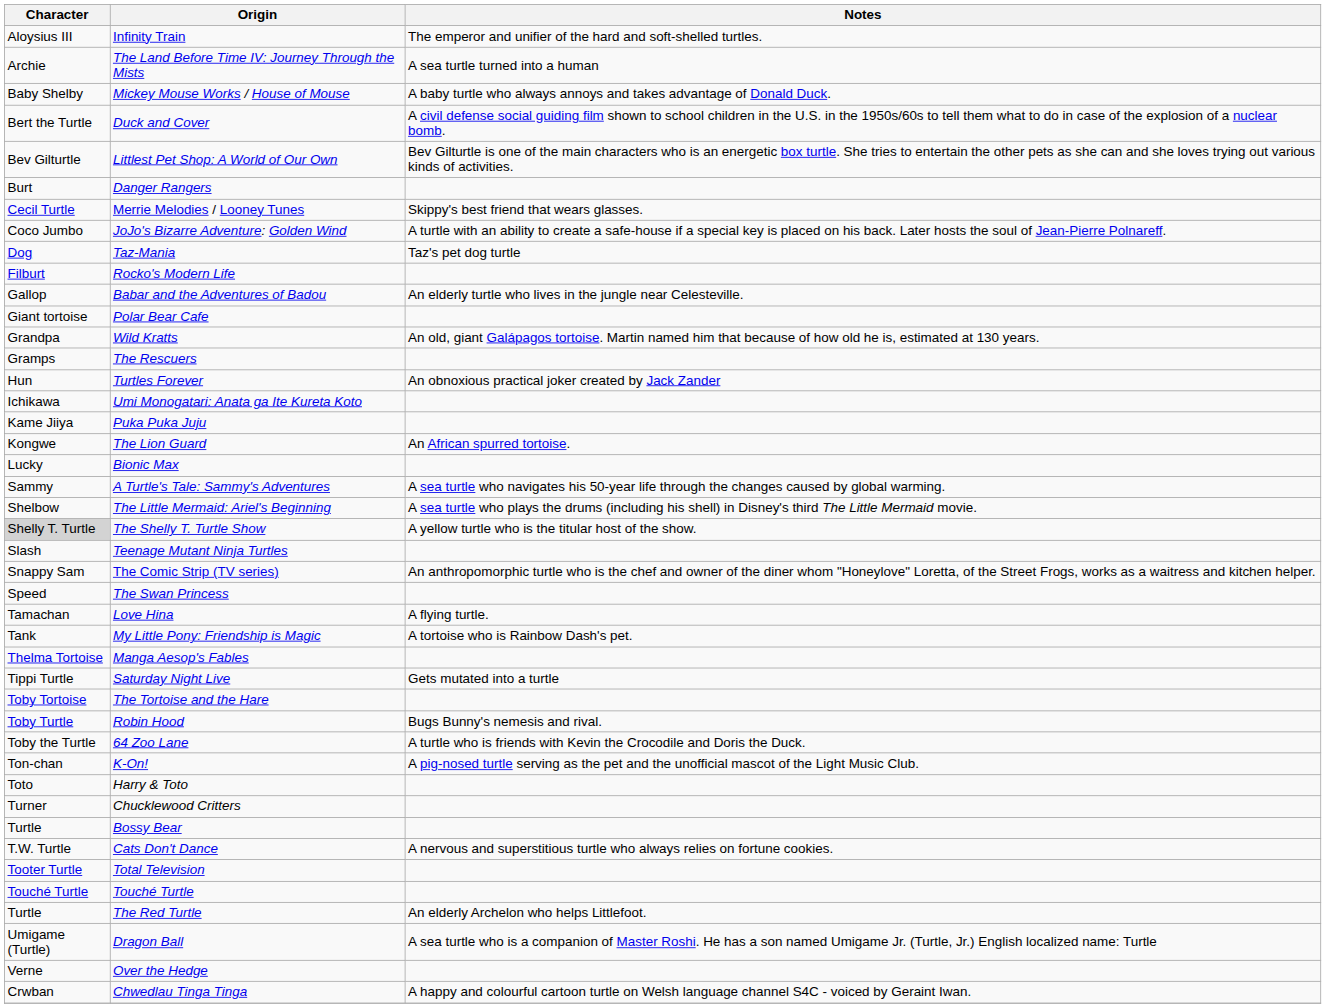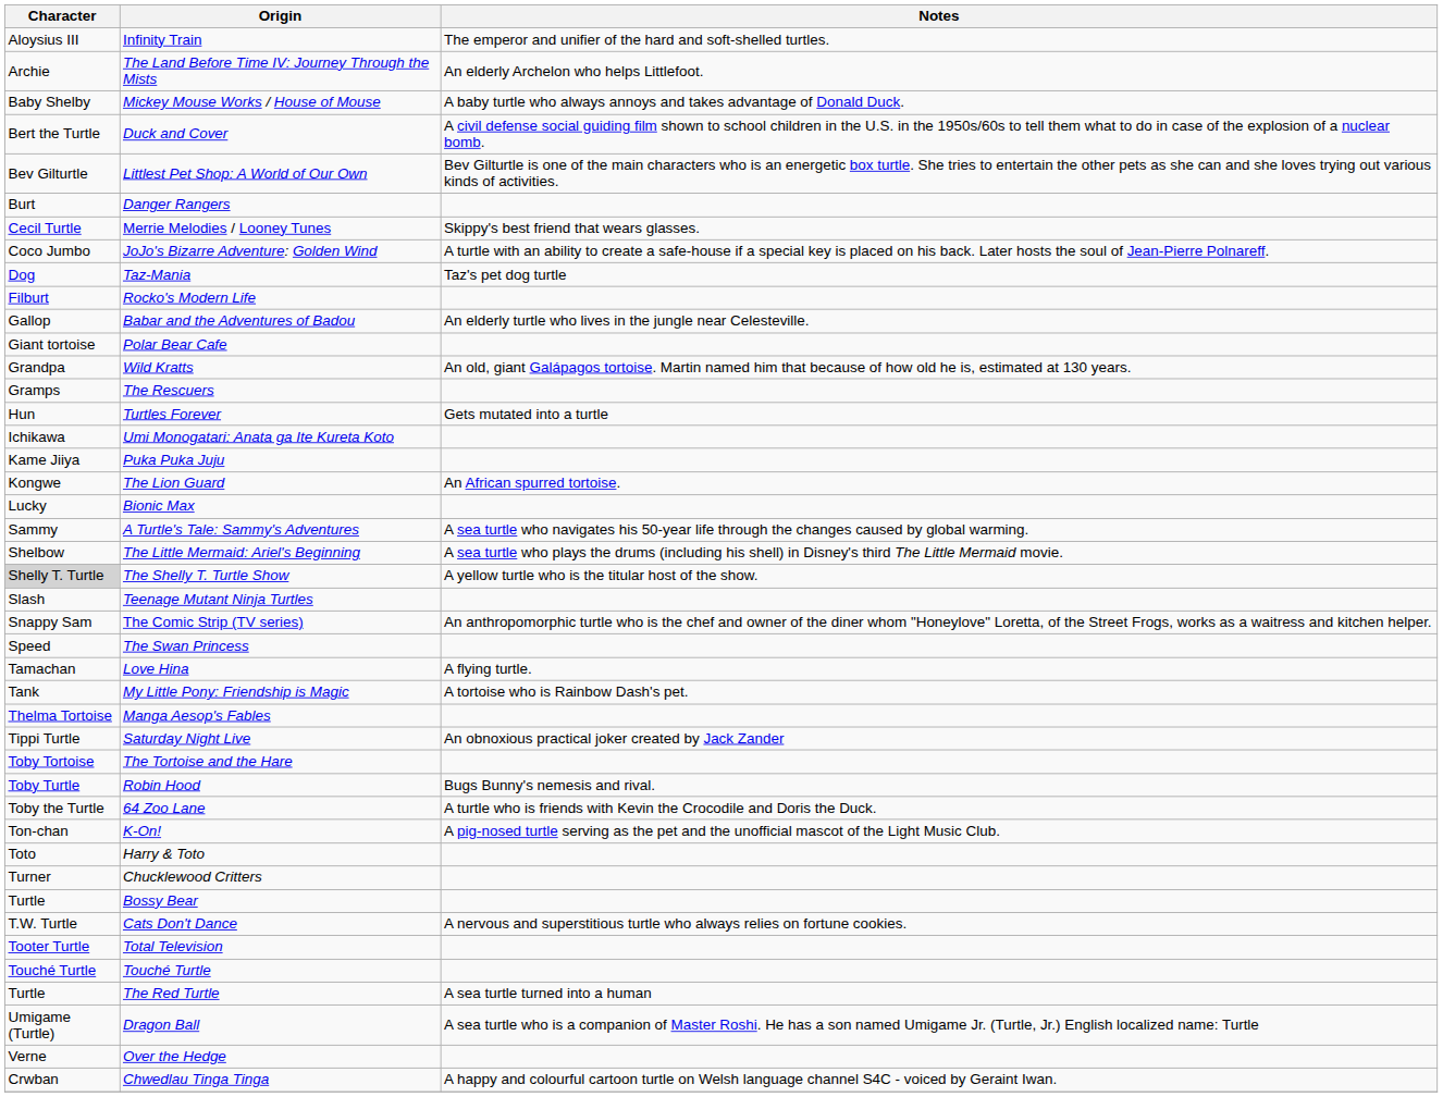 <table class="wikitable sortable">
 <tr>
 <th>Character</th>
 <th>Origin</th>
 <th>Notes</th>
 </tr>
 <tr>
 <td>Aloysius III</td>
 <td><a href='#'>Infinity Train</a></td>
 <td>The emperor and unifier of the hard and soft-shelled turtles.</td>
 </tr>
 <tr>
 <td>Archie</td>
 <td><em><a href='#'>The Land Before Time IV: Journey Through the Mists</a></em></td>
-<td>A sea turtle turned into a human</td>
+<td>An elderly Archelon who helps Littlefoot.</td>
 </tr>
 <tr>
 <td>Baby Shelby</td>
 <td><em><a href='#'>Mickey Mouse Works</a> / <a href='#'>House of Mouse</a></em></td>
 <td>A baby turtle who always annoys and takes advantage of <a href='#'>Donald Duck</a>.</td>
 </tr>
 <tr>
 <td>Bert the Turtle</td>
 <td><em><a href='#'>Duck and Cover</a></em></td>
 <td>A <a href='#'>civil defense social guiding film</a> shown to school children in the U.S. in the 1950s/60s to tell them what to do in case of the explosion of a <a href='#'>nuclear bomb</a>.</td>
 </tr>
 <tr>
 <td>Bev Gilturtle</td>
 <td><em><a href='#'>Littlest Pet Shop: A World of Our Own</a></em></td>
 <td>Bev Gilturtle is one of the main characters who is an energetic <a href='#'>box turtle</a>. She tries to entertain the other pets as she can and she loves trying out various kinds of activities.</td>
 </tr>
 <tr>
 <td>Burt</td>
 <td><em><a href='#'>Danger Rangers</a></em></td>
 <td></td>
 </tr>
 <tr>
 <td><a href='#'>Cecil Turtle</a></td>
 <td><a href='#'>Merrie Melodies</a> / <a href='#'>Looney Tunes</a></td>
 <td>Skippy's best friend that wears glasses.</td>
 </tr>
 <tr>
 <td>Coco Jumbo</td>
 <td><em><a href='#'>JoJo's Bizarre Adventure</a>: <a href='#'>Golden Wind</a></em></td>
 <td>A turtle with an ability to create a safe-house if a special key is placed on his back. Later hosts the soul of <a href='#'>Jean-Pierre Polnareff</a>.</td>
 </tr>
 <tr>
 <td><a href='#'>Dog</a></td>
 <td><em><a href='#'>Taz-Mania</a></em></td>
 <td>Taz's pet dog turtle</td>
 </tr>
 <tr>
 <td><a href='#'>Filburt</a></td>
 <td><em><a href='#'>Rocko's Modern Life</a></em></td>
 <td></td>
 </tr>
 <tr>
 <td>Gallop</td>
 <td><em><a href='#'>Babar and the Adventures of Badou</a></em></td>
 <td>An elderly turtle who lives in the jungle near Celesteville.</td>
 </tr>
 <tr>
 <td>Giant tortoise</td>
 <td><em><a href='#'>Polar Bear Cafe</a></em></td>
 <td></td>
 </tr>
 <tr>
 <td>Grandpa</td>
 <td><em><a href='#'>Wild Kratts</a></em></td>
 <td>An old, giant <a href='#'>Galápagos tortoise</a>. Martin named him that because of how old he is, estimated at 130 years.</td>
 </tr>
 <tr>
 <td>Gramps</td>
 <td><em><a href='#'>The Rescuers</a></em></td>
 <td></td>
 </tr>
 <tr>
 <td>Hun</td>
 <td><em><a href='#'>Turtles Forever</a></em></td>
-<td>An obnoxious practical joker created by <a href='#'>Jack Zander</a></td>
+<td>Gets mutated into a turtle</td>
 </tr>
 <tr>
 <td>Ichikawa</td>
 <td><em><a href='#'>Umi Monogatari: Anata ga Ite Kureta Koto</a></em></td>
 <td></td>
 </tr>
 <tr>
 <td>Kame Jiiya</td>
 <td><em><a href='#'>Puka Puka Juju</a></em></td>
 <td></td>
 </tr>
 <tr>
 <td>Kongwe</td>
 <td><em><a href='#'>The Lion Guard</a></em></td>
 <td>An <a href='#'>African spurred tortoise</a>.</td>
 </tr>
 <tr>
 <td>Lucky</td>
 <td><em><a href='#'>Bionic Max</a></em></td>
 <td></td>
 </tr>
 <tr>
 <td>Sammy</td>
 <td><em><a href='#'>A Turtle's Tale: Sammy's Adventures</a></em></td>
 <td>A <a href='#'>sea turtle</a> who navigates his 50-year life through the changes caused by global warming.</td>
 </tr>
 <tr>
 <td>Shelbow</td>
 <td><em><a href='#'>The Little Mermaid: Ariel's Beginning</a></em></td>
 <td>A <a href='#'>sea turtle</a> who plays the drums (including his shell) in Disney's third <em>The Little Mermaid</em> movie.</td>
 </tr>
 <tr>
 <td style="background: lightgrey;">Shelly T. Turtle</td>
 <td><em><a href='#'>The Shelly T. Turtle Show</a></em></td>
 <td>A yellow turtle who is the titular host of the show.</td>
 </tr>
 <tr>
 <td>Slash</td>
 <td><em><a href='#'>Teenage Mutant Ninja Turtles</a></em></td>
 <td></td>
 </tr>
 <tr>
 <td>Snappy Sam</td>
 <td><a href='#'>The Comic Strip (TV series)</a></td>
 <td>An anthropomorphic turtle who is the chef and owner of the diner whom "Honeylove" Loretta, of the Street Frogs, works as a waitress and kitchen helper.</td>
 </tr>
 <tr>
 <td>Speed</td>
 <td><em><a href='#'>The Swan Princess</a></em></td>
 <td></td>
 </tr>
 <tr>
 <td>Tamachan</td>
 <td><em><a href='#'>Love Hina</a></em></td>
 <td>A flying turtle.</td>
 </tr>
 <tr>
 <td>Tank</td>
 <td><em><a href='#'>My Little Pony: Friendship is Magic</a></em></td>
 <td>A tortoise who is Rainbow Dash's pet.</td>
 </tr>
 <tr>
 <td><a href='#'>Thelma Tortoise</a></td>
 <td><em><a href='#'>Manga Aesop's Fables</a></em></td>
 <td></td>
 </tr>
 <tr>
 <td>Tippi Turtle</td>
 <td><em><a href='#'>Saturday Night Live</a></em></td>
-<td>Gets mutated into a turtle</td>
+<td>An obnoxious practical joker created by <a href='#'>Jack Zander</a></td>
 </tr>
 <tr>
 <td><a href='#'>Toby Tortoise</a></td>
 <td><em><a href='#'>The Tortoise and the Hare</a></em></td>
 <td></td>
 </tr>
 <tr>
 <td><a href='#'>Toby Turtle</a></td>
 <td><em><a href='#'>Robin Hood</a></em></td>
 <td>Bugs Bunny's nemesis and rival.</td>
 </tr>
 <tr>
 <td>Toby the Turtle</td>
 <td><em><a href='#'>64 Zoo Lane</a></em></td>
 <td>A turtle who is friends with Kevin the Crocodile and Doris the Duck.</td>
 </tr>
 <tr>
 <td>Ton-chan</td>
 <td><em><a href='#'>K-On!</a></em></td>
 <td>A <a href='#'>pig-nosed turtle</a> serving as the pet and the unofficial mascot of the Light Music Club.</td>
 </tr>
 <tr>
 <td>Toto</td>
 <td><em>Harry & Toto</em></td>
 <td></td>
 </tr>
 <tr>
 <td>Turner</td>
 <td><em>Chucklewood Critters</em></td>
 <td></td>
 </tr>
 <tr>
 <td>Turtle</td>
 <td><em><a href='#'>Bossy Bear</a></em></td>
 <td></td>
 </tr>
 <tr>
 <td>T.W. Turtle</td>
 <td><em><a href='#'>Cats Don't Dance</a></em></td>
 <td>A nervous and superstitious turtle who always relies on fortune cookies.</td>
 </tr>
 <tr>
 <td><a href='#'>Tooter Turtle</a></td>
 <td><em><a href='#'>Total Television</a></em></td>
 <td></td>
 </tr>
 <tr>
 <td><a href='#'>Touché Turtle</a></td>
 <td><em><a href='#'>Touché Turtle</a></em></td>
 <td></td>
 </tr>
 <tr>
 <td>Turtle</td>
 <td><em><a href='#'>The Red Turtle</a></em></td>
-<td>An elderly Archelon who helps Littlefoot.</td>
+<td>A sea turtle turned into a human</td>
 </tr>
 <tr>
 <td>Umigame (Turtle)</td>
 <td><em><a href='#'>Dragon Ball</a></em></td>
 <td>A sea turtle who is a companion of <a href='#'>Master Roshi</a>. He has a son named Umigame Jr. (Turtle, Jr.) English localized name: Turtle</td>
 </tr>
 <tr>
 <td>Verne</td>
 <td><em><a href='#'>Over the Hedge</a></em></td>
 <td></td>
 </tr>
 <tr>
 <td>Crwban</td>
 <td><em><a href='#'>Chwedlau Tinga Tinga</a></em></td>
 <td>A happy and colourful cartoon turtle on Welsh language channel S4C - voiced by Geraint Iwan.</td>
 </tr>
 <tr>
 </tr>
 </table>
